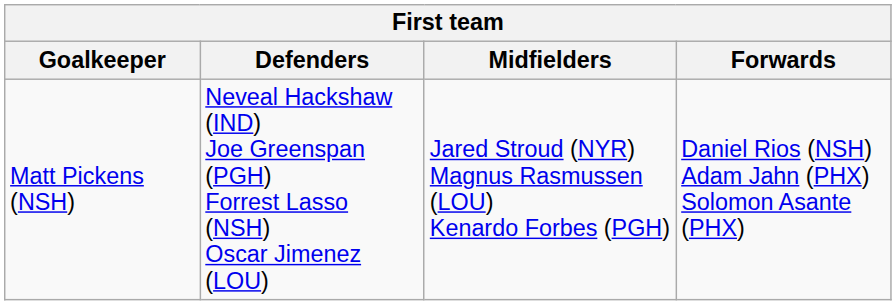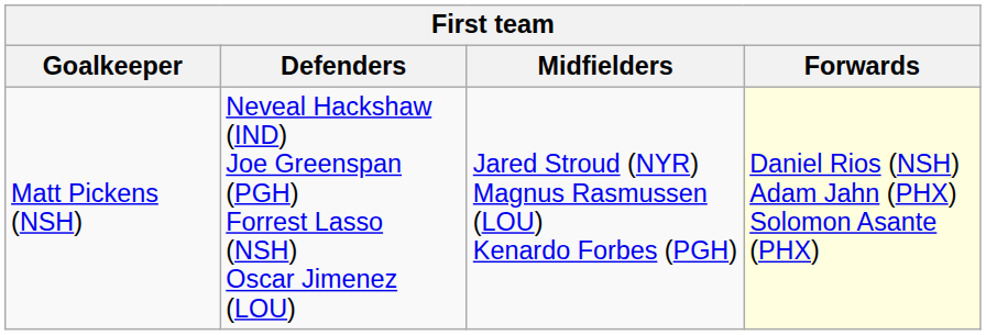 <table class="wikitable">
 <tr>
 <th colspan="4">First team</th>
 </tr>
 <tr>
 <th>Goalkeeper</th>
 <th>Defenders</th>
 <th>Midfielders</th>
 <th>Forwards</th>
 </tr>
 <tr>
 <td> <a href='#'>Matt Pickens</a> (<a href='#'>NSH</a>)</td>
 <td> <a href='#'>Neveal Hackshaw</a> (<a href='#'>IND</a>)<br> <a href='#'>Joe Greenspan</a> (<a href='#'>PGH</a>)<br> <a href='#'>Forrest Lasso</a> (<a href='#'>NSH</a>)<br> <a href='#'>Oscar Jimenez</a> (<a href='#'>LOU</a>)</td>
 <td> <a href='#'>Jared Stroud</a> (<a href='#'>NYR</a>)<br> <a href='#'>Magnus Rasmussen</a> (<a href='#'>LOU</a>)<br> <a href='#'>Kenardo Forbes</a> (<a href='#'>PGH</a>)</td>
-<td> <a href='#'>Daniel Rios</a> (<a href='#'>NSH</a>)<br> <a href='#'>Adam Jahn</a> (<a href='#'>PHX</a>)<br> <a href='#'>Solomon Asante</a> (<a href='#'>PHX</a>)</td>
+<td style="background: lightyellow;"> <a href='#'>Daniel Rios</a> (<a href='#'>NSH</a>)<br> <a href='#'>Adam Jahn</a> (<a href='#'>PHX</a>)<br> <a href='#'>Solomon Asante</a> (<a href='#'>PHX</a>)</td>
 </tr>
 </table>
